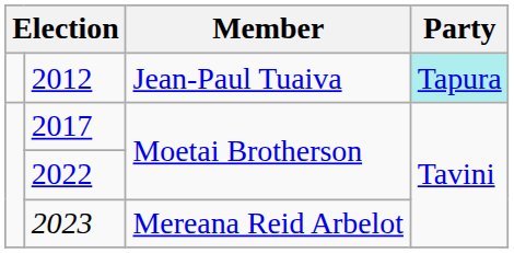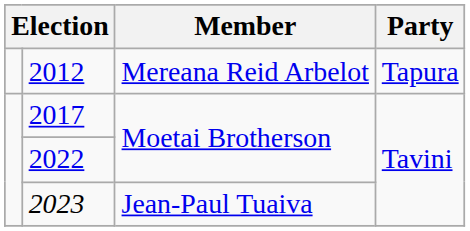 <table class="wikitable">
 <tr>
 <th colspan="2">Election</th>
 <th>Member</th>
 <th>Party</th>
 </tr>
 <tr>
 <td style="color:inherit;background-color: "></td>
 <td><a href='#'>2012</a></td>
-<td><a href='#'>Jean-Paul Tuaiva</a></td>
-<td style="background: paleturquoise;"><a href='#'>Tapura</a></td>
+<td><a href='#'>Mereana Reid Arbelot</a></td>
+<td><a href='#'>Tapura</a></td>
 </tr>
 <tr>
 <td rowspan="3" style="background-color: "></td>
 <td><a href='#'>2017</a></td>
 <td rowspan="2"><a href='#'>Moetai Brotherson</a></td>
 <td rowspan="3"><a href='#'>Tavini</a></td>
 </tr>
 <tr>
 <td><a href='#'>2022</a></td>
 </tr>
 <tr>
 <td><em>2023</em></td>
-<td><a href='#'>Mereana Reid Arbelot</a></td>
+<td><a href='#'>Jean-Paul Tuaiva</a></td>
 </tr>
 </table>
